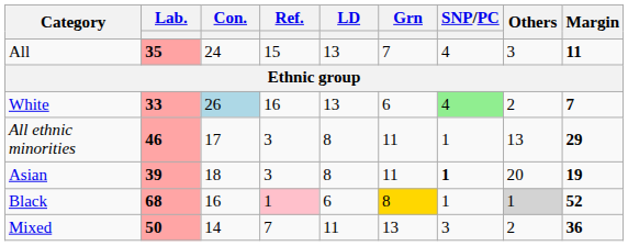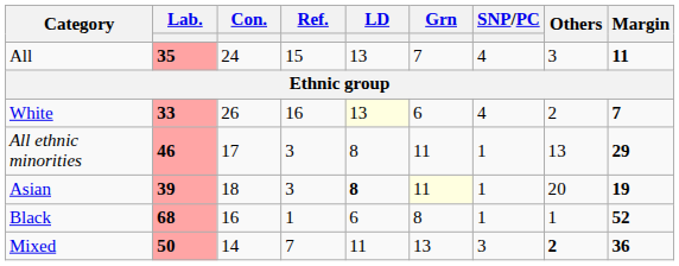 <table class="wikitable defaultright col1left">
 <tr>
 <th scope="col" style="width:125px;" rowspan="2">Category</th>
 <th scope="col" style="width:50px;"><a href='#'>Lab.</a></th>
 <th scope="col" style="width:50px;"><a href='#'>Con.</a></th>
 <th scope="col" style="width:50px;"><a href='#'>Ref.</a></th>
 <th scope="col" style="width:50px;"><a href='#'>LD</a></th>
 <th scope="col" style="width:50px;"><a href='#'>Grn</a></th>
 <th scope="col" style="width:50px;"><a href='#'>SNP</a>/<a href='#'>PC</a></th>
 <th scope="col" style="width:50px;" rowspan="2">Others</th>
 <th scope="col"                     rowspan="2">Margin</th>
 </tr>
 <tr>
 <th scope="col" style="color:inherit; background-color:"></th>
 <th scope="col" style="color:inherit; background-color:"></th>
 <th scope="col" style="color:inherit; background-color:"></th>
 <th scope="col" style="color:inherit; background-color:"></th>
 <th scope="col" style="color:inherit; background-color:"></th>
 <th scope="col" style="color:inherit; background-color:"></th>
 </tr>
 <tr>
 <td>All</td>
 <td style="background:#FFA3A3;"><strong>35</strong></td>
 <td>24</td>
 <td>15</td>
 <td>13</td>
 <td>7</td>
 <td>4</td>
 <td>3</td>
 <td style="background:"><strong>11</strong></td>
 </tr>
 <tr>
 <th colspan="9">Ethnic group</th>
 </tr>
 <tr>
 <td><a href='#'>White</a></td>
 <td style="background:#FFA5A5;"><strong>33</strong></td>
-<td style="background: lightblue;">26</td>
+<td>26</td>
 <td>16</td>
-<td>13</td>
+<td style="background: lightyellow;">13</td>
 <td>6</td>
-<td style="background: lightgreen;">4</td>
+<td>4</td>
 <td>2</td>
 <td style="background:"><strong>7</strong></td>
 </tr>
 <tr>
 <td><em>All ethnic minorities</em></td>
 <td style="background:#FFA5A5;"><strong>46</strong></td>
 <td>17</td>
 <td>3</td>
 <td>8</td>
 <td>11</td>
 <td>1</td>
 <td>13</td>
 <td style="background:"><strong>29</strong></td>
 </tr>
 <tr>
 <td><a href='#'>Asian</a></td>
 <td style="background:#FFA5A5;"><strong>39</strong></td>
 <td>18</td>
 <td>3</td>
-<td>8</td>
-<td>11</td>
-<td><strong>1</strong></td>
+<td><strong>8</strong></td>
+<td style="background: lightyellow;">11</td>
+<td>1</td>
 <td>20</td>
 <td style="background:"><strong>19</strong></td>
 </tr>
 <tr>
 <td><a href='#'>Black</a></td>
 <td style="background:#FFA5A5;"><strong>68</strong></td>
 <td>16</td>
-<td style="background: pink;">1</td>
+<td>1</td>
 <td>6</td>
-<td style="background: gold;">8</td>
+<td>8</td>
 <td>1</td>
-<td style="background: lightgrey;">1</td>
+<td>1</td>
 <td style="background:"><strong>52</strong></td>
 </tr>
 <tr>
 <td><a href='#'>Mixed</a></td>
 <td style="background:#FFA5A5;"><strong>50</strong></td>
 <td>14</td>
 <td>7</td>
 <td>11</td>
 <td>13</td>
 <td>3</td>
-<td>2</td>
+<td><strong>2</strong></td>
 <td style="background:"><strong>36</strong></td>
 </tr>
 </table>
